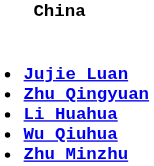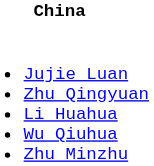 <table>
 <tr>
 <th>China</th>
 </tr>
 <tr>
-<td><strong><br><ul><li><a href='#'>Jujie Luan</a></li><li><a href='#'>Zhu Qingyuan</a></li><li><a href='#'>Li Huahua</a></li><li><a href='#'>Wu Qiuhua</a></li><li><a href='#'>Zhu Minzhu</a></li></ul></strong></td>
+<td><br><ul><li><a href='#'>Jujie Luan</a></li><li><a href='#'>Zhu Qingyuan</a></li><li><a href='#'>Li Huahua</a></li><li><a href='#'>Wu Qiuhua</a></li><li><a href='#'>Zhu Minzhu</a></li></ul></td>
 </tr>
 </table>
